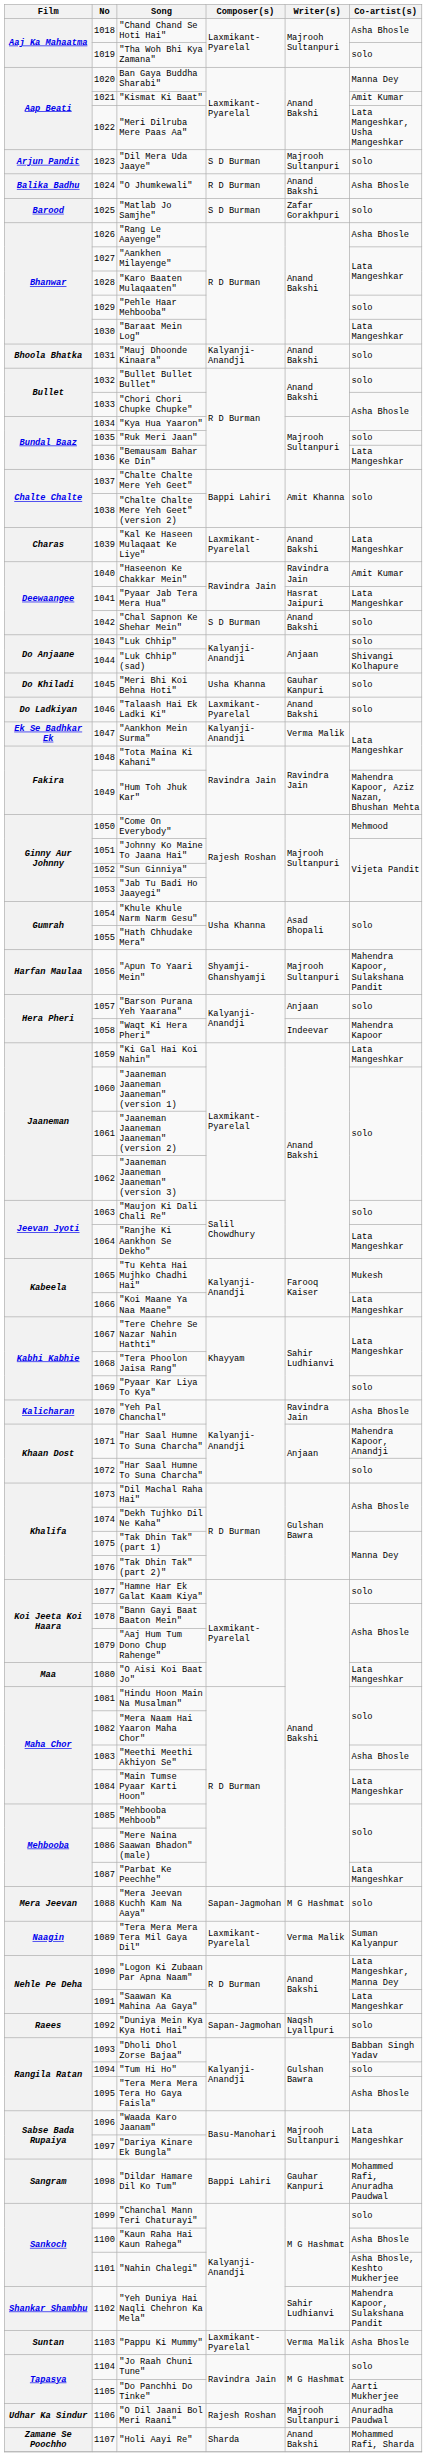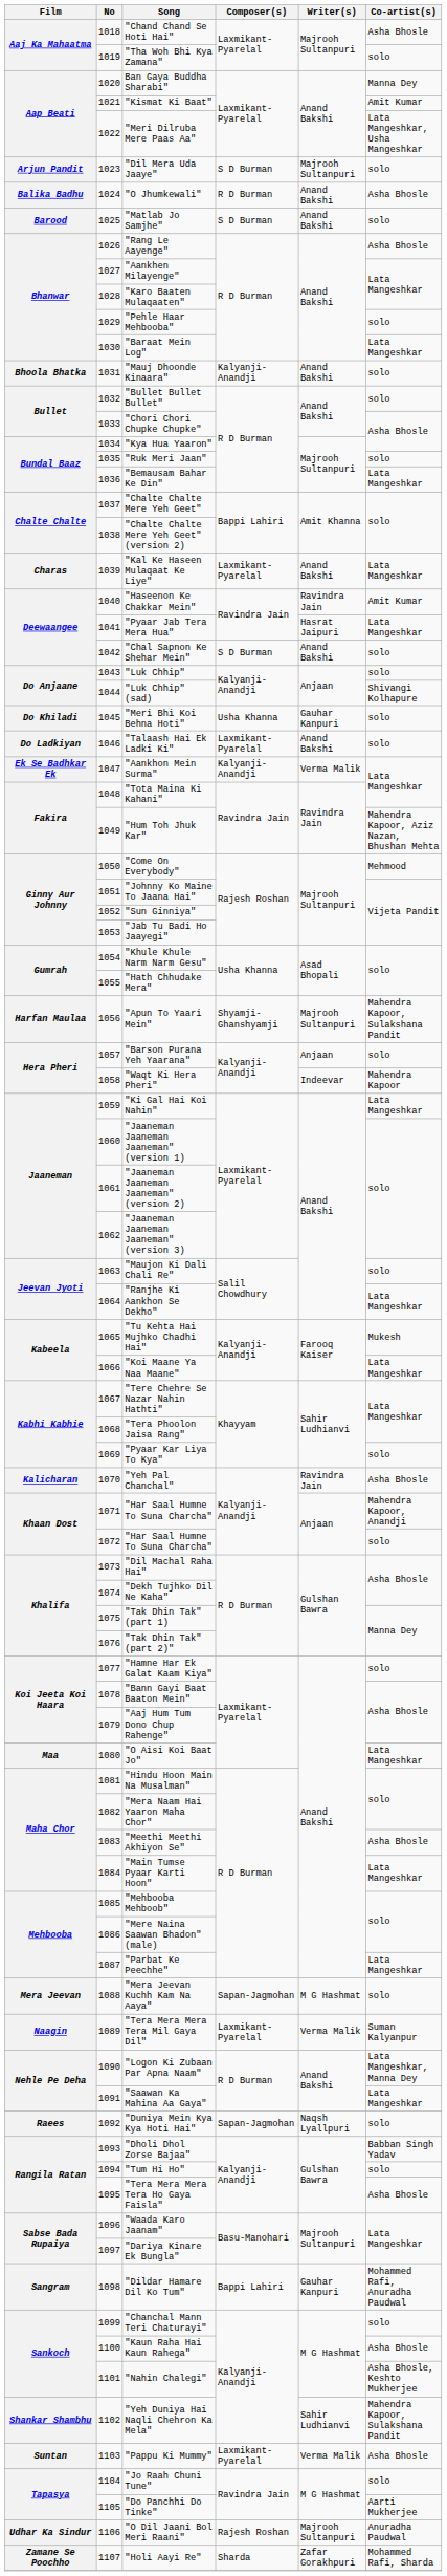 <table class="wikitable plainrowheaders" width="100%" textcolor:#000;">
 <tr style="background:#b0e0e66;">
 <th scope="col" width=23%><strong>Film</strong></th>
 <th><strong>No</strong></th>
 <th scope="col" width=23%><strong>Song</strong></th>
 <th scope="col" width=20%><strong>Composer(s)</strong></th>
 <th scope="col" width=16%><strong>Writer(s)</strong></th>
 <th scope="col" width=18%><strong>Co-artist(s)</strong></th>
 </tr>
 <tr>
 <th rowspan=2><em><a href='#'>Aaj Ka Mahaatma</a></em></th>
 <td>1018</td>
 <td>"Chand Chand Se Hoti Hai"</td>
 <td rowspan=2>Laxmikant-Pyarelal</td>
 <td rowspan=2>Majrooh Sultanpuri</td>
 <td>Asha Bhosle</td>
 </tr>
 <tr>
 <td>1019</td>
 <td>"Tha Woh Bhi Kya Zamana"</td>
 <td>solo</td>
 </tr>
 <tr>
 <th rowspan=3><em><a href='#'>Aap Beati</a></em></th>
 <td>1020</td>
 <td>Ban Gaya Buddha Sharabi"</td>
 <td rowspan=3>Laxmikant-Pyarelal</td>
 <td rowspan=3>Anand Bakshi</td>
 <td>Manna Dey</td>
 </tr>
 <tr>
 <td>1021</td>
 <td>"Kismat Ki Baat"</td>
 <td>Amit Kumar</td>
 </tr>
 <tr>
 <td>1022</td>
 <td>"Meri Dilruba Mere Paas Aa"</td>
 <td>Lata Mangeshkar, Usha Mangeshkar</td>
 </tr>
 <tr>
 <th><em><a href='#'>Arjun Pandit</a></em></th>
 <td>1023</td>
 <td>"Dil Mera Uda Jaaye"</td>
 <td>S D Burman</td>
 <td>Majrooh Sultanpuri</td>
 <td>solo</td>
 </tr>
 <tr>
 <th><em><a href='#'>Balika Badhu</a></em></th>
 <td>1024</td>
 <td>"O Jhumkewali"</td>
 <td>R D Burman</td>
 <td>Anand Bakshi</td>
 <td>Asha Bhosle</td>
 </tr>
 <tr>
 <th><em><a href='#'>Barood</a></em></th>
 <td>1025</td>
 <td>"Matlab Jo Samjhe"</td>
 <td>S D Burman</td>
-<td>Zafar Gorakhpuri</td>
+<td>Anand Bakshi</td>
 <td>solo</td>
 </tr>
 <tr>
 <th Rowspan=5><em><a href='#'>Bhanwar</a></em></th>
 <td>1026</td>
 <td>"Rang Le Aayenge"</td>
 <td rowspan=5>R D Burman</td>
 <td rowspan=5>Anand Bakshi</td>
 <td>Asha Bhosle</td>
 </tr>
 <tr>
 <td>1027</td>
 <td>"Aankhen Milayenge"</td>
 <td rowspan=2>Lata Mangeshkar</td>
 </tr>
 <tr>
 <td>1028</td>
 <td>"Karo Baaten Mulaqaaten"</td>
 </tr>
 <tr>
 <td>1029</td>
 <td>"Pehle Haar Mehbooba"</td>
 <td>solo</td>
 </tr>
 <tr>
 <td>1030</td>
 <td>"Baraat Mein Log"</td>
 <td>Lata Mangeshkar</td>
 </tr>
 <tr>
 <th><em>Bhoola Bhatka</em></th>
 <td>1031</td>
 <td>"Mauj Dhoonde Kinaara"</td>
 <td>Kalyanji-Anandji</td>
 <td>Anand Bakshi</td>
 <td>solo</td>
 </tr>
 <tr>
 <th Rowspan=2><em>Bullet</em></th>
 <td>1032</td>
 <td>"Bullet Bullet Bullet"</td>
 <td rowspan=5>R D Burman</td>
 <td rowspan=2>Anand Bakshi</td>
 <td>solo</td>
 </tr>
 <tr>
 <td>1033</td>
 <td>"Chori Chori Chupke Chupke"</td>
 <td rowspan=2>Asha Bhosle</td>
 </tr>
 <tr>
 <th Rowspan=3><em><a href='#'>Bundal Baaz</a></em></th>
 <td>1034</td>
 <td>"Kya Hua Yaaron"</td>
 <td rowspan=3>Majrooh Sultanpuri</td>
 </tr>
 <tr>
 <td>1035</td>
 <td>"Ruk Meri Jaan"</td>
 <td>solo</td>
 </tr>
 <tr>
 <td>1036</td>
 <td>"Bemausam Bahar Ke Din"</td>
 <td>Lata Mangeshkar</td>
 </tr>
 <tr>
 <th Rowspan=2><em><a href='#'>Chalte Chalte</a></em></th>
 <td>1037</td>
 <td>"Chalte Chalte Mere Yeh Geet"</td>
 <td rowspan=2>Bappi Lahiri</td>
 <td rowspan=2>Amit Khanna</td>
 <td rowspan=2>solo</td>
 </tr>
 <tr>
 <td>1038</td>
 <td>"Chalte Chalte Mere Yeh Geet" (version 2)</td>
 </tr>
 <tr>
 <th><em>Charas</em></th>
 <td>1039</td>
 <td>"Kal Ke Haseen Mulaqaat Ke Liye"</td>
 <td>Laxmikant-Pyarelal</td>
 <td>Anand Bakshi</td>
 <td>Lata Mangeshkar</td>
 </tr>
 <tr>
 <th Rowspan=3><em><a href='#'>Deewaangee</a></em></th>
 <td>1040</td>
 <td>"Haseenon Ke Chakkar Mein"</td>
 <td rowspan=2>Ravindra Jain</td>
 <td>Ravindra Jain</td>
 <td>Amit Kumar</td>
 </tr>
 <tr>
 <td>1041</td>
 <td>"Pyaar Jab Tera Mera Hua"</td>
 <td>Hasrat Jaipuri</td>
 <td>Lata Mangeshkar</td>
 </tr>
 <tr>
 <td>1042</td>
 <td>"Chal Sapnon Ke Shehar Mein"</td>
 <td>S D Burman</td>
 <td>Anand Bakshi</td>
 <td>solo</td>
 </tr>
 <tr>
 <th Rowspan=2><em>Do Anjaane</em></th>
 <td>1043</td>
 <td>"Luk Chhip"</td>
 <td rowspan=2>Kalyanji-Anandji</td>
 <td rowspan=2>Anjaan</td>
 <td>solo</td>
 </tr>
 <tr>
 <td>1044</td>
 <td>"Luk Chhip" (sad)</td>
 <td>Shivangi Kolhapure</td>
 </tr>
 <tr>
 <th><em>Do Khiladi</em></th>
 <td>1045</td>
 <td>"Meri Bhi Koi Behna Hoti"</td>
 <td>Usha Khanna</td>
 <td>Gauhar Kanpuri</td>
 <td>solo</td>
 </tr>
 <tr>
 <th><em>Do Ladkiyan</em></th>
 <td>1046</td>
 <td>"Talaash Hai Ek Ladki Ki"</td>
 <td>Laxmikant-Pyarelal</td>
 <td>Anand Bakshi</td>
 <td>solo</td>
 </tr>
 <tr>
 <th><em><a href='#'>Ek Se Badhkar Ek</a></em></th>
 <td>1047</td>
 <td>"Aankhon Mein Surma"</td>
 <td>Kalyanji-Anandji</td>
 <td>Verma Malik</td>
 <td rowspan=2>Lata Mangeshkar</td>
 </tr>
 <tr>
 <th Rowspan=2><em>Fakira</em></th>
 <td>1048</td>
 <td>"Tota Maina Ki Kahani"</td>
 <td rowspan=2>Ravindra Jain</td>
 <td rowspan=2>Ravindra Jain</td>
 </tr>
 <tr>
 <td>1049</td>
 <td>"Hum Toh Jhuk Kar"</td>
 <td>Mahendra Kapoor, Aziz Nazan, Bhushan Mehta</td>
 </tr>
 <tr>
 <th rowspan=4><em>Ginny Aur Johnny</em></th>
 <td>1050</td>
 <td>"Come On Everybody"</td>
 <td rowspan=4>Rajesh Roshan</td>
 <td rowspan=4>Majrooh Sultanpuri</td>
 <td>Mehmood</td>
 </tr>
 <tr>
 <td>1051</td>
 <td>"Johnny Ko Maine To Jaana Hai"</td>
 <td rowspan=3>Vijeta Pandit</td>
 </tr>
 <tr>
 <td>1052</td>
 <td>"Sun Ginniya"</td>
 </tr>
 <tr>
 <td>1053</td>
 <td>"Jab Tu Badi Ho Jaayegi"</td>
 </tr>
 <tr>
 <th rowspan=2><em>Gumrah</em></th>
 <td>1054</td>
 <td>"Khule Khule Narm Narm Gesu"</td>
 <td rowspan=2>Usha Khanna</td>
 <td rowspan=2>Asad Bhopali</td>
 <td rowspan=2>solo</td>
 </tr>
 <tr>
 <td>1055</td>
 <td>"Hath Chhudake Mera"</td>
 </tr>
 <tr>
 <th><em>Harfan Maulaa</em></th>
 <td>1056</td>
 <td>"Apun To Yaari Mein"</td>
 <td>Shyamji-Ghanshyamji</td>
 <td>Majrooh Sultanpuri</td>
 <td>Mahendra Kapoor, Sulakshana Pandit</td>
 </tr>
 <tr>
 <th rowspan=2><em>Hera Pheri</em></th>
 <td>1057</td>
 <td>"Barson Purana Yeh Yaarana"</td>
 <td rowspan=2>Kalyanji-Anandji</td>
 <td>Anjaan</td>
 <td>solo</td>
 </tr>
 <tr>
 <td>1058</td>
 <td>"Waqt Ki Hera Pheri"</td>
 <td>Indeevar</td>
 <td>Mahendra Kapoor</td>
 </tr>
 <tr>
 <th rowspan=4><em>Jaaneman</em></th>
 <td>1059</td>
 <td>"Ki Gal Hai Koi Nahin"</td>
 <td rowspan=4>Laxmikant-Pyarelal</td>
 <td rowspan=6>Anand Bakshi</td>
 <td>Lata Mangeshkar</td>
 </tr>
 <tr>
 <td>1060</td>
 <td>"Jaaneman Jaaneman Jaaneman" (version 1)</td>
 <td rowspan=3>solo</td>
 </tr>
 <tr>
 <td>1061</td>
 <td>"Jaaneman Jaaneman Jaaneman" (version 2)</td>
 </tr>
 <tr>
 <td>1062</td>
 <td>"Jaaneman Jaaneman Jaaneman" (version 3)</td>
 </tr>
 <tr>
 <th rowspan=2><em><a href='#'>Jeevan Jyoti</a></em></th>
 <td>1063</td>
 <td>"Maujon Ki Dali Chali Re"</td>
 <td rowspan=2>Salil Chowdhury</td>
 <td>solo</td>
 </tr>
 <tr>
 <td>1064</td>
 <td>"Ranjhe Ki Aankhon Se Dekho"</td>
 <td>Lata Mangeshkar</td>
 </tr>
 <tr>
 <th rowspan=2><em>Kabeela</em></th>
 <td>1065</td>
 <td>"Tu Kehta Hai Mujhko Chadhi Hai"</td>
 <td rowspan=2>Kalyanji-Anandji</td>
 <td rowspan=2>Farooq Kaiser</td>
 <td>Mukesh</td>
 </tr>
 <tr>
 <td>1066</td>
 <td>"Koi Maane Ya Naa Maane"</td>
 <td>Lata Mangeshkar</td>
 </tr>
 <tr>
 <th rowspan=3><em><a href='#'>Kabhi Kabhie</a></em></th>
 <td>1067</td>
 <td>"Tere Chehre Se Nazar Nahin Hathti"</td>
 <td rowspan=3>Khayyam</td>
 <td rowspan=3>Sahir Ludhianvi</td>
 <td rowspan=2>Lata Mangeshkar</td>
 </tr>
 <tr>
 <td>1068</td>
 <td>"Tera Phoolon Jaisa Rang"</td>
 </tr>
 <tr>
 <td>1069</td>
 <td>"Pyaar Kar Liya To Kya"</td>
 <td>solo</td>
 </tr>
 <tr>
 <th><em><a href='#'>Kalicharan</a></em></th>
 <td>1070</td>
 <td>"Yeh Pal Chanchal"</td>
 <td rowspan=3>Kalyanji-Anandji</td>
 <td>Ravindra Jain</td>
 <td>Asha Bhosle</td>
 </tr>
 <tr>
 <th rowspan=2><em>Khaan Dost</em></th>
 <td>1071</td>
 <td>"Har Saal Humne To Suna Charcha"</td>
 <td rowspan=2>Anjaan</td>
 <td>Mahendra Kapoor, Anandji</td>
 </tr>
 <tr>
 <td>1072</td>
 <td>"Har Saal Humne To Suna Charcha"</td>
 <td>solo</td>
 </tr>
 <tr>
 <th rowspan=4><em>Khalifa</em></th>
 <td>1073</td>
 <td>"Dil Machal Raha Hai"</td>
 <td rowspan=4>R D Burman</td>
 <td rowspan=4>Gulshan Bawra</td>
 <td rowspan=2>Asha Bhosle</td>
 </tr>
 <tr>
 <td>1074</td>
 <td>"Dekh Tujhko Dil Ne Kaha"</td>
 </tr>
 <tr>
 <td>1075</td>
 <td>"Tak Dhin Tak" (part 1)</td>
 <td rowspan=2>Manna Dey</td>
 </tr>
 <tr>
 <td>1076</td>
 <td>"Tak Dhin Tak" (part 2)"</td>
 </tr>
 <tr>
 <th rowspan=3><em>Koi Jeeta Koi Haara</em></th>
 <td>1077</td>
 <td>"Hamne Har Ek Galat Kaam Kiya"</td>
 <td rowspan=4>Laxmikant-Pyarelal</td>
 <td rowspan=11>Anand Bakshi</td>
 <td>solo</td>
 </tr>
 <tr>
 <td>1078</td>
 <td>"Bann Gayi Baat Baaton Mein"</td>
 <td rowspan=2>Asha Bhosle</td>
 </tr>
 <tr>
 <td>1079</td>
 <td>"Aaj Hum Tum Dono Chup Rahenge"</td>
 </tr>
 <tr>
 <th><em>Maa</em></th>
 <td>1080</td>
 <td>"O Aisi Koi Baat Jo"</td>
 <td>Lata Mangeshkar</td>
 </tr>
 <tr>
 <th rowspan=4><em><a href='#'>Maha Chor</a></em></th>
 <td>1081</td>
 <td>"Hindu Hoon Main Na Musalman"</td>
 <td rowspan=7>R D Burman</td>
 <td rowspan=2>solo</td>
 </tr>
 <tr>
 <td>1082</td>
 <td>"Mera Naam Hai Yaaron Maha Chor"</td>
 </tr>
 <tr>
 <td>1083</td>
 <td>"Meethi Meethi Akhiyon Se"</td>
 <td rowspan=1>Asha Bhosle</td>
 </tr>
 <tr>
 <td>1084</td>
 <td>"Main Tumse Pyaar Karti Hoon"</td>
 <td>Lata Mangeshkar</td>
 </tr>
 <tr>
 <th rowspan=3><em><a href='#'>Mehbooba</a></em></th>
 <td>1085</td>
 <td>"Mehbooba Mehboob"</td>
 <td rowspan=2>solo</td>
 </tr>
 <tr>
 <td>1086</td>
 <td>"Mere Naina Saawan Bhadon" (male)</td>
 </tr>
 <tr>
 <td>1087</td>
 <td>"Parbat Ke Peechhe"</td>
 <td>Lata Mangeshkar</td>
 </tr>
 <tr>
 <th><em>Mera Jeevan</em></th>
 <td>1088</td>
 <td>"Mera Jeevan Kuchh Kam Na Aaya"</td>
 <td>Sapan-Jagmohan</td>
 <td>M G Hashmat</td>
 <td>solo</td>
 </tr>
 <tr>
 <th rowspan=1><em><a href='#'>Naagin</a></em></th>
 <td>1089</td>
 <td>"Tera Mera Mera Tera Mil Gaya Dil"</td>
 <td>Laxmikant-Pyarelal</td>
 <td>Verma Malik</td>
 <td>Suman Kalyanpur</td>
 </tr>
 <tr>
 <th rowspan=2><em>Nehle Pe Deha</em></th>
 <td>1090</td>
 <td>"Logon Ki Zubaan Par Apna Naam"</td>
 <td rowspan=2>R D Burman</td>
 <td rowspan=2>Anand Bakshi</td>
 <td>Lata Mangeshkar, Manna Dey</td>
 </tr>
 <tr>
 <td>1091</td>
 <td>"Saawan Ka Mahina Aa Gaya"</td>
 <td>Lata Mangeshkar</td>
 </tr>
 <tr>
 <th><em>Raees</em></th>
 <td>1092</td>
 <td>"Duniya Mein Kya Kya Hoti Hai"</td>
 <td>Sapan-Jagmohan</td>
 <td>Naqsh Lyallpuri</td>
 <td>solo</td>
 </tr>
 <tr>
 <th rowspan=3><em>Rangila Ratan</em></th>
 <td>1093</td>
 <td>"Dholi Dhol Zorse Bajaa"</td>
 <td rowspan=3>Kalyanji-Anandji</td>
 <td rowspan=3>Gulshan Bawra</td>
 <td>Babban Singh Yadav</td>
 </tr>
 <tr>
 <td>1094</td>
 <td>"Tum Hi Ho"</td>
 <td>solo</td>
 </tr>
 <tr>
 <td>1095</td>
 <td>"Tera Mera Mera Tera Ho Gaya Faisla"</td>
 <td>Asha Bhosle</td>
 </tr>
 <tr>
 <th rowspan=2><em>Sabse Bada Rupaiya</em></th>
 <td>1096</td>
 <td>"Waada Karo Jaanam"</td>
 <td rowspan=2>Basu-Manohari</td>
 <td rowspan=2>Majrooh Sultanpuri</td>
 <td rowspan=2>Lata Mangeshkar</td>
 </tr>
 <tr>
 <td>1097</td>
 <td>"Dariya Kinare Ek Bungla"</td>
 </tr>
 <tr>
 <th><em>Sangram</em></th>
 <td>1098</td>
 <td>"Dildar Hamare Dil Ko Tum"</td>
 <td>Bappi Lahiri</td>
 <td>Gauhar Kanpuri</td>
 <td>Mohammed Rafi, Anuradha Paudwal</td>
 </tr>
 <tr>
 <th Rowspan=3><em><a href='#'>Sankoch</a></em></th>
 <td>1099</td>
 <td>"Chanchal Mann Teri Chaturayi"</td>
 <td rowspan=4>Kalyanji-Anandji</td>
 <td rowspan=3>M G Hashmat</td>
 <td>solo</td>
 </tr>
 <tr>
 <td>1100</td>
 <td>"Kaun Raha Hai Kaun Rahega"</td>
 <td>Asha Bhosle</td>
 </tr>
 <tr>
 <td>1101</td>
 <td>"Nahin Chalegi"</td>
 <td>Asha Bhosle, Keshto Mukherjee</td>
 </tr>
 <tr>
 <th><em><a href='#'>Shankar Shambhu</a></em></th>
 <td>1102</td>
 <td>"Yeh Duniya Hai Naqli Chehron Ka Mela"</td>
 <td>Sahir Ludhianvi</td>
 <td>Mahendra Kapoor, Sulakshana Pandit</td>
 </tr>
 <tr>
 <th><em>Suntan</em></th>
 <td>1103</td>
 <td>"Pappu Ki Mummy"</td>
 <td>Laxmikant-Pyarelal</td>
 <td>Verma Malik</td>
 <td>Asha Bhosle</td>
 </tr>
 <tr>
 <th rowspan=2><em><a href='#'>Tapasya</a></em></th>
 <td>1104</td>
 <td>"Jo Raah Chuni Tune"</td>
 <td rowspan=2>Ravindra Jain</td>
 <td rowspan=2>M G Hashmat</td>
 <td>solo</td>
 </tr>
 <tr>
 <td>1105</td>
 <td>"Do Panchhi Do Tinke"</td>
 <td>Aarti Mukherjee</td>
 </tr>
 <tr>
 <th><em>Udhar Ka Sindur</em></th>
 <td>1106</td>
 <td>"O Dil Jaani Bol Meri Raani"</td>
 <td>Rajesh Roshan</td>
 <td>Majrooh Sultanpuri</td>
 <td>Anuradha Paudwal</td>
 </tr>
 <tr>
 <th><em>Zamane Se Poochho</em></th>
 <td>1107</td>
 <td>"Holi Aayi Re"</td>
 <td>Sharda</td>
-<td>Anand Bakshi</td>
+<td>Zafar Gorakhpuri</td>
 <td>Mohammed Rafi, Sharda</td>
 </tr>
 <tr>
 </tr>
 </table>
